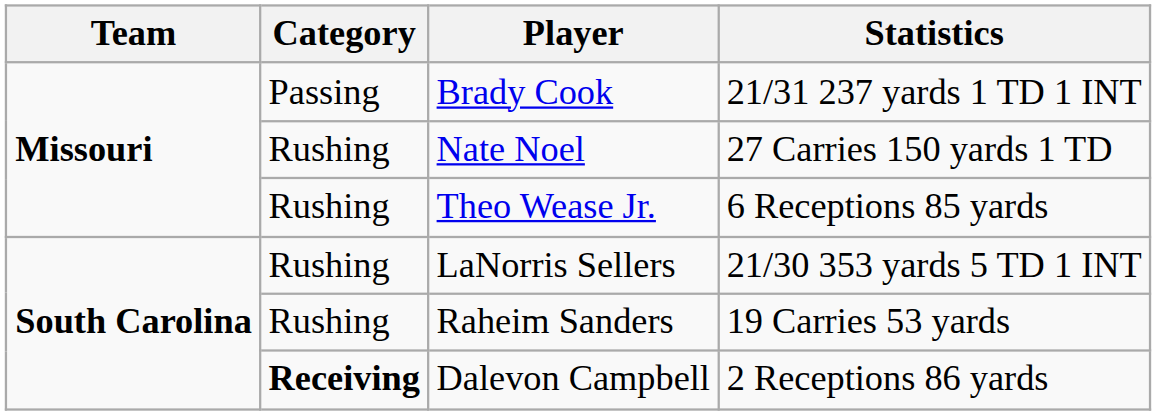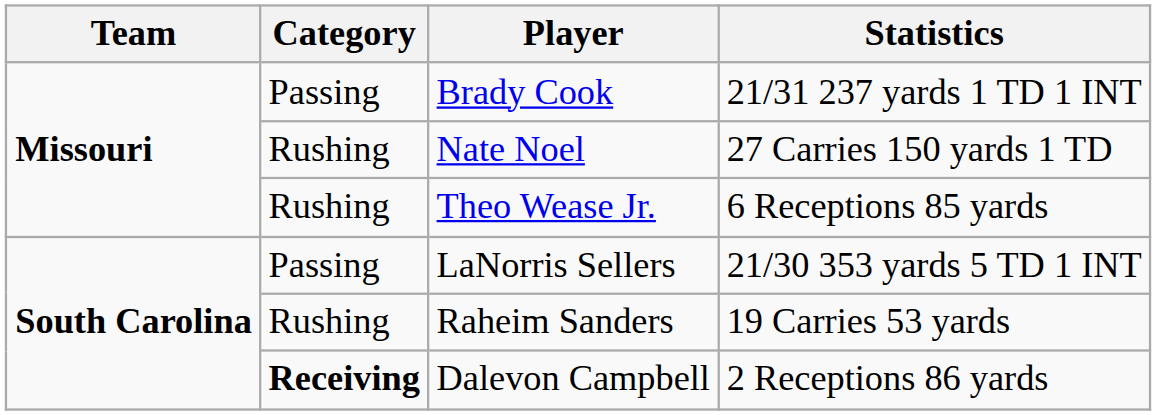 <table class="wikitable" style="float: right;">
 <tr>
 <th>Team</th>
 <th>Category</th>
 <th>Player</th>
 <th>Statistics</th>
 </tr>
 <tr>
 <td rowspan=3><strong>Missouri</strong></td>
 <td>Passing</td>
 <td><a href='#'>Brady Cook</a></td>
 <td>21/31 237 yards 1 TD 1 INT</td>
 </tr>
 <tr>
 <td>Rushing</td>
 <td><a href='#'>Nate Noel</a></td>
 <td>27 Carries 150 yards 1 TD</td>
 </tr>
 <tr>
 <td>Rushing</td>
 <td><a href='#'>Theo Wease Jr.</a></td>
 <td>6 Receptions 85 yards</td>
 </tr>
 <tr>
 <td rowspan=3><strong>South Carolina</strong></td>
-<td>Rushing</td>
+<td>Passing</td>
 <td>LaNorris Sellers</td>
 <td>21/30 353 yards 5 TD 1 INT</td>
 </tr>
 <tr>
 <td>Rushing</td>
 <td>Raheim Sanders</td>
 <td>19 Carries 53 yards</td>
 </tr>
 <tr>
 <td><strong>Receiving</strong></td>
 <td>Dalevon Campbell</td>
 <td>2 Receptions 86 yards</td>
 </tr>
 </table>
